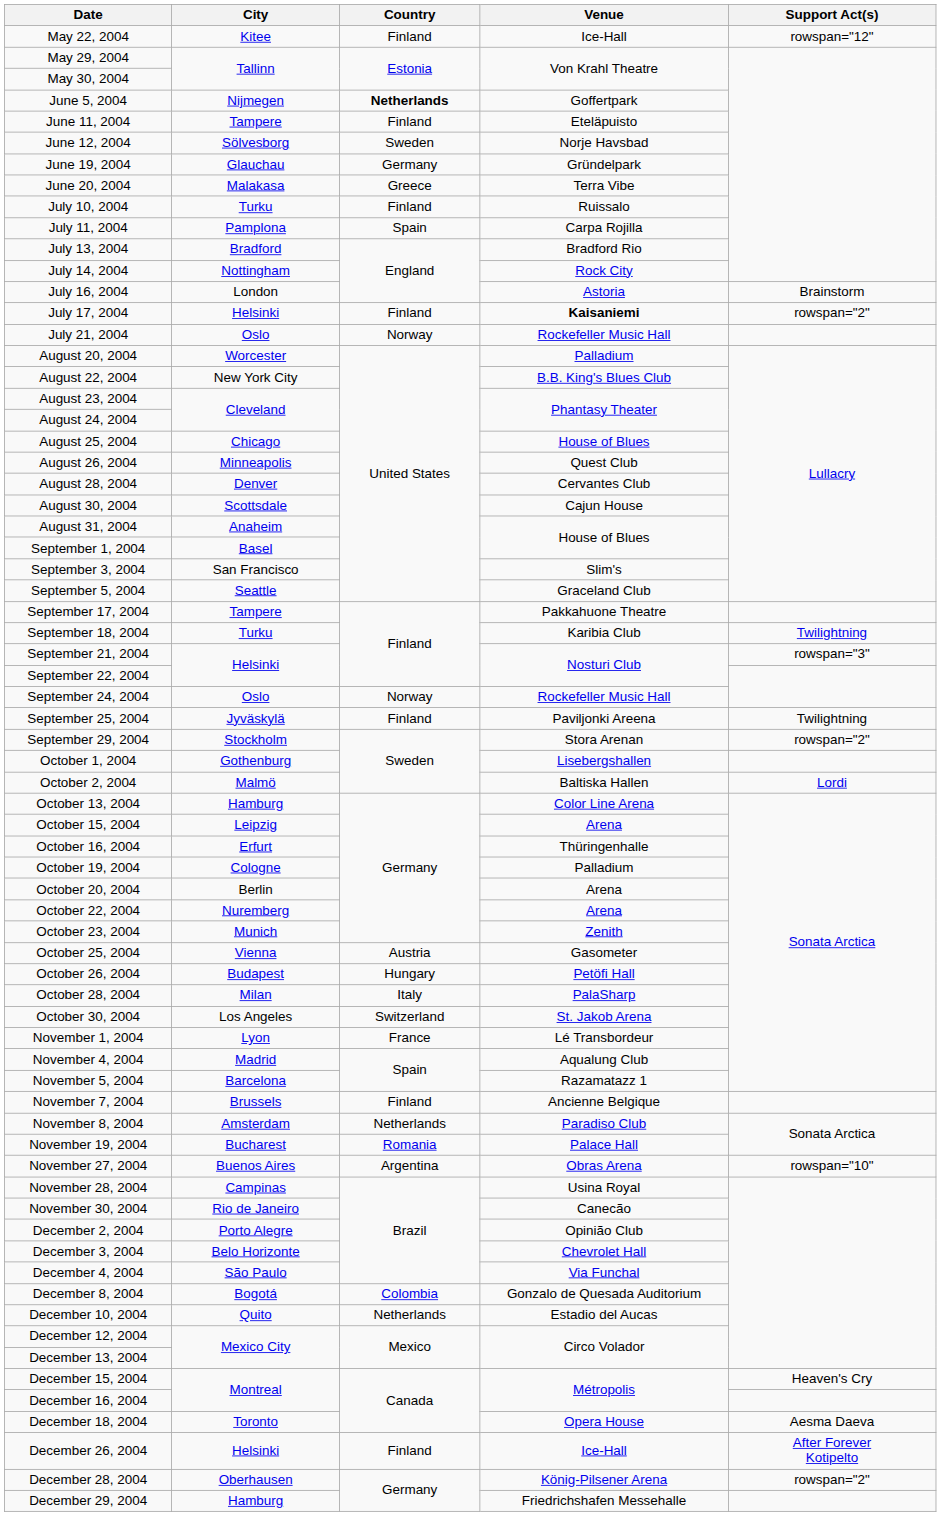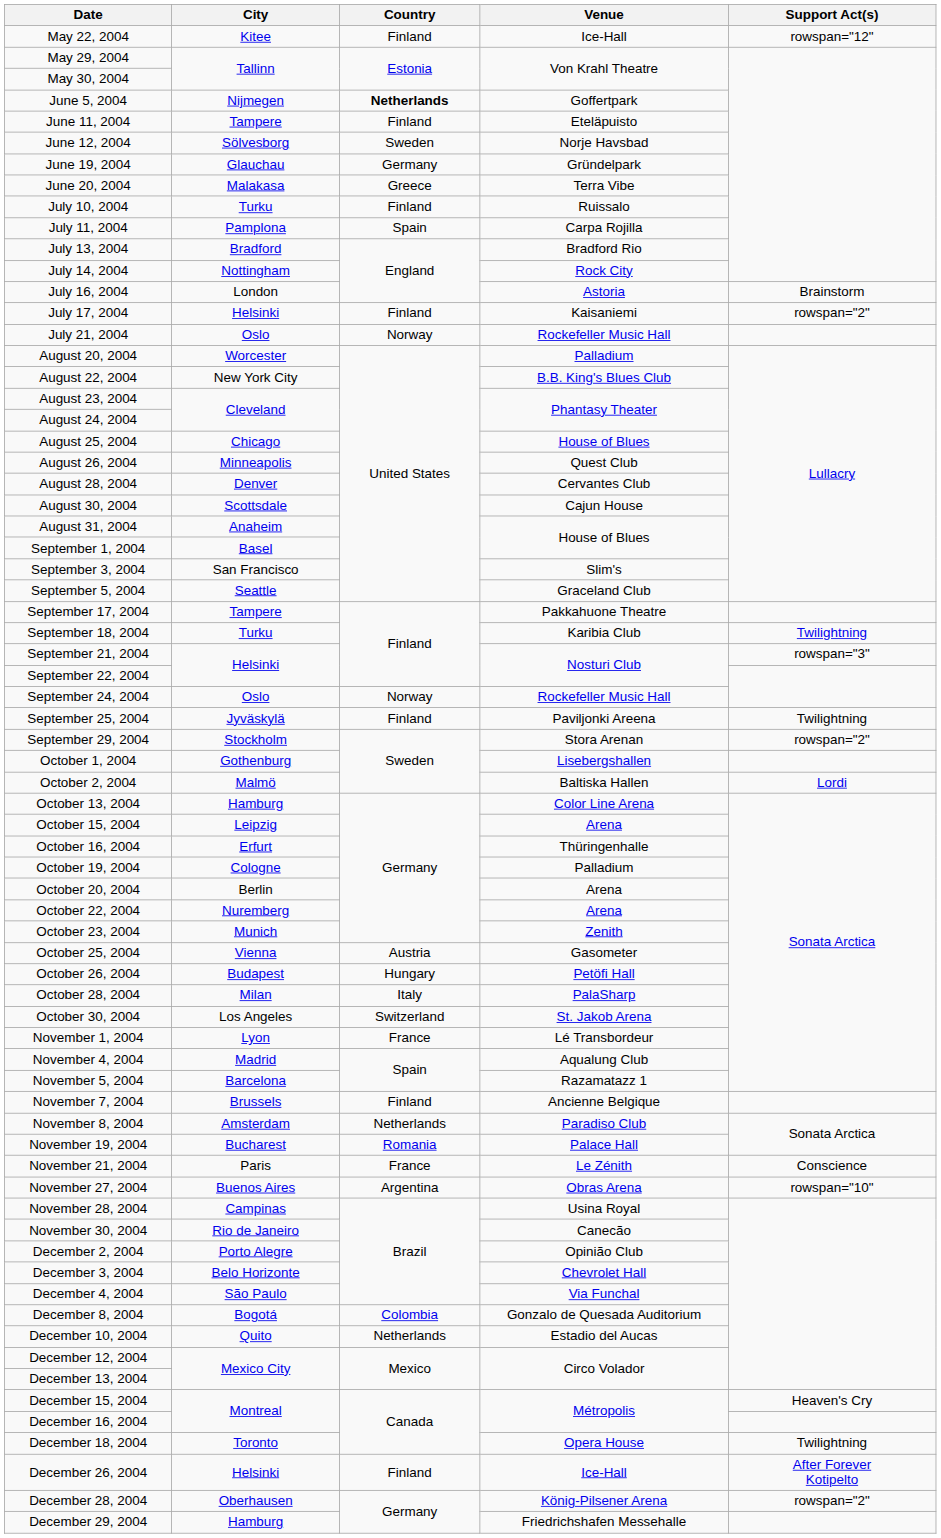 <table class="wikitable plainrowheaders" style="text-align:center;">
 <tr>
 <th scope="col" style="width:12em;">Date</th>
 <th scope="col" style="width:12em;">City</th>
 <th scope="col" style="width:10em;">Country</th>
 <th scope="col" style="width:18em;">Venue</th>
 <th scope="col" style="width:15em;">Support Act(s)</th>
 </tr>
 <tr>
 <td>May 22, 2004</td>
 <td><a href='#'>Kitee</a></td>
 <td>Finland</td>
 <td>Ice-Hall</td>
 <td>rowspan="12" </td>
 </tr>
 <tr>
 <td>May 29, 2004</td>
 <td rowspan="2"><a href='#'>Tallinn</a></td>
 <td rowspan="2"><a href='#'>Estonia</a></td>
 <td rowspan="2">Von Krahl Theatre</td>
 </tr>
 <tr>
 <td>May 30, 2004</td>
 </tr>
 <tr>
 <td>June 5, 2004</td>
 <td><a href='#'>Nijmegen</a></td>
 <td><strong>Netherlands</strong></td>
 <td>Goffertpark</td>
 </tr>
 <tr>
 <td>June 11, 2004</td>
 <td><a href='#'>Tampere</a></td>
 <td>Finland</td>
 <td>Eteläpuisto</td>
 </tr>
 <tr>
 <td>June 12, 2004</td>
 <td><a href='#'>Sölvesborg</a></td>
 <td>Sweden</td>
 <td>Norje Havsbad</td>
 </tr>
 <tr>
 <td>June 19, 2004</td>
 <td><a href='#'>Glauchau</a></td>
 <td>Germany</td>
 <td>Gründelpark</td>
 </tr>
 <tr>
 <td>June 20, 2004</td>
 <td><a href='#'>Malakasa</a></td>
 <td>Greece</td>
 <td>Terra Vibe</td>
 </tr>
 <tr>
 <td>July 10, 2004</td>
 <td><a href='#'>Turku</a></td>
 <td>Finland</td>
 <td>Ruissalo</td>
 </tr>
 <tr>
 <td>July 11, 2004</td>
 <td><a href='#'>Pamplona</a></td>
 <td>Spain</td>
 <td>Carpa Rojilla</td>
 </tr>
 <tr>
 <td>July 13, 2004</td>
 <td><a href='#'>Bradford</a></td>
 <td rowspan="3">England</td>
 <td>Bradford Rio</td>
 </tr>
 <tr>
 <td>July 14, 2004</td>
 <td><a href='#'>Nottingham</a></td>
 <td><a href='#'>Rock City</a></td>
 </tr>
 <tr>
 <td>July 16, 2004</td>
 <td>London</td>
 <td><a href='#'>Astoria</a></td>
 <td>Brainstorm</td>
 </tr>
 <tr>
 <td>July 17, 2004</td>
 <td><a href='#'>Helsinki</a></td>
 <td>Finland</td>
-<td><strong>Kaisaniemi</strong></td>
+<td>Kaisaniemi</td>
 <td>rowspan="2" </td>
 </tr>
 <tr>
 <td>July 21, 2004</td>
 <td><a href='#'>Oslo</a></td>
 <td>Norway</td>
 <td><a href='#'>Rockefeller Music Hall</a></td>
 </tr>
 <tr>
 <td>August 20, 2004</td>
 <td><a href='#'>Worcester</a></td>
 <td rowspan="12">United States</td>
 <td><a href='#'>Palladium</a></td>
 <td rowspan="12"><a href='#'>Lullacry</a></td>
 </tr>
 <tr>
 <td>August 22, 2004</td>
 <td>New York City</td>
 <td><a href='#'>B.B. King's Blues Club</a></td>
 </tr>
 <tr>
 <td>August 23, 2004</td>
 <td rowspan="2"><a href='#'>Cleveland</a></td>
 <td rowspan="2"><a href='#'>Phantasy Theater</a></td>
 </tr>
 <tr>
 <td>August 24, 2004</td>
 </tr>
 <tr>
 <td>August 25, 2004</td>
 <td><a href='#'>Chicago</a></td>
 <td><a href='#'>House of Blues</a></td>
 </tr>
 <tr>
 <td>August 26, 2004</td>
 <td><a href='#'>Minneapolis</a></td>
 <td>Quest Club</td>
 </tr>
 <tr>
 <td>August 28, 2004</td>
 <td><a href='#'>Denver</a></td>
 <td>Cervantes Club</td>
 </tr>
 <tr>
 <td>August 30, 2004</td>
 <td><a href='#'>Scottsdale</a></td>
 <td>Cajun House</td>
 </tr>
 <tr>
 <td>August 31, 2004</td>
 <td><a href='#'>Anaheim</a></td>
 <td rowspan="2">House of Blues</td>
 </tr>
 <tr>
 <td>September 1, 2004</td>
 <td><a href='#'>Basel</a></td>
 </tr>
 <tr>
 <td>September 3, 2004</td>
 <td>San Francisco</td>
 <td>Slim's</td>
 </tr>
 <tr>
 <td>September 5, 2004</td>
 <td><a href='#'>Seattle</a></td>
 <td>Graceland Club</td>
 </tr>
 <tr>
 <td>September 17, 2004</td>
 <td><a href='#'>Tampere</a></td>
 <td rowspan="4">Finland</td>
 <td>Pakkahuone Theatre</td>
 <td></td>
 </tr>
 <tr>
 <td>September 18, 2004</td>
 <td><a href='#'>Turku</a></td>
 <td>Karibia Club</td>
 <td><a href='#'>Twilightning</a></td>
 </tr>
 <tr>
 <td>September 21, 2004</td>
 <td rowspan="2"><a href='#'>Helsinki</a></td>
 <td rowspan="2"><a href='#'>Nosturi Club</a></td>
 <td>rowspan="3" </td>
 </tr>
 <tr>
 <td>September 22, 2004</td>
 </tr>
 <tr>
 <td>September 24, 2004</td>
 <td><a href='#'>Oslo</a></td>
 <td>Norway</td>
 <td><a href='#'>Rockefeller Music Hall</a></td>
 </tr>
 <tr>
 <td>September 25, 2004</td>
 <td><a href='#'>Jyväskylä</a></td>
 <td>Finland</td>
 <td>Paviljonki Areena</td>
 <td>Twilightning</td>
 </tr>
 <tr>
 <td>September 29, 2004</td>
 <td><a href='#'>Stockholm</a></td>
 <td rowspan="3">Sweden</td>
 <td>Stora Arenan</td>
 <td>rowspan="2" </td>
 </tr>
 <tr>
 <td>October 1, 2004</td>
 <td><a href='#'>Gothenburg</a></td>
 <td><a href='#'>Lisebergshallen</a></td>
 </tr>
 <tr>
 <td>October 2, 2004</td>
 <td><a href='#'>Malmö</a></td>
 <td>Baltiska Hallen</td>
 <td><a href='#'>Lordi</a></td>
 </tr>
 <tr>
 <td>October 13, 2004</td>
 <td><a href='#'>Hamburg</a></td>
 <td rowspan="7">Germany</td>
 <td><a href='#'>Color Line Arena</a></td>
 <td rowspan="14"><a href='#'>Sonata Arctica</a></td>
 </tr>
 <tr>
 <td>October 15, 2004</td>
 <td><a href='#'>Leipzig</a></td>
 <td><a href='#'>Arena</a></td>
 </tr>
 <tr>
 <td>October 16, 2004</td>
 <td><a href='#'>Erfurt</a></td>
 <td>Thüringenhalle</td>
 </tr>
 <tr>
 <td>October 19, 2004</td>
 <td><a href='#'>Cologne</a></td>
 <td>Palladium</td>
 </tr>
 <tr>
 <td>October 20, 2004</td>
 <td>Berlin</td>
 <td>Arena</td>
 </tr>
 <tr>
 <td>October 22, 2004</td>
 <td><a href='#'>Nuremberg</a></td>
 <td><a href='#'>Arena</a></td>
 </tr>
 <tr>
 <td>October 23, 2004</td>
 <td><a href='#'>Munich</a></td>
 <td><a href='#'>Zenith</a></td>
 </tr>
 <tr>
 <td>October 25, 2004</td>
 <td><a href='#'>Vienna</a></td>
 <td>Austria</td>
 <td>Gasometer</td>
 </tr>
 <tr>
 <td>October 26, 2004</td>
 <td><a href='#'>Budapest</a></td>
 <td>Hungary</td>
 <td><a href='#'>Petöfi Hall</a></td>
 </tr>
 <tr>
 <td>October 28, 2004</td>
 <td><a href='#'>Milan</a></td>
 <td>Italy</td>
 <td><a href='#'>PalaSharp</a></td>
 </tr>
 <tr>
 <td>October 30, 2004</td>
 <td>Los Angeles</td>
 <td>Switzerland</td>
 <td><a href='#'>St. Jakob Arena</a></td>
 </tr>
 <tr>
 <td>November 1, 2004</td>
 <td><a href='#'>Lyon</a></td>
 <td>France</td>
 <td>Lé Transbordeur</td>
 </tr>
 <tr>
 <td>November 4, 2004</td>
 <td><a href='#'>Madrid</a></td>
 <td rowspan="2">Spain</td>
 <td>Aqualung Club</td>
 </tr>
 <tr>
 <td>November 5, 2004</td>
 <td><a href='#'>Barcelona</a></td>
 <td>Razamatazz 1</td>
 </tr>
 <tr>
 <td>November 7, 2004</td>
 <td><a href='#'>Brussels</a></td>
 <td>Finland</td>
 <td>Ancienne Belgique</td>
 <td></td>
 </tr>
 <tr>
 <td>November 8, 2004</td>
 <td><a href='#'>Amsterdam</a></td>
 <td>Netherlands</td>
 <td><a href='#'>Paradiso Club</a></td>
 <td rowspan="2">Sonata Arctica</td>
 </tr>
 <tr>
 <td>November 19, 2004</td>
 <td><a href='#'>Bucharest</a></td>
 <td><a href='#'>Romania</a></td>
 <td><a href='#'>Palace Hall</a></td>
 </tr>
 <tr>
+<td>November 21, 2004</td>
+<td>Paris</td>
+<td>France</td>
+<td><a href='#'>Le Zénith</a></td>
+<td>Conscience</td>
+</tr>
+<tr>
 <td>November 27, 2004</td>
 <td><a href='#'>Buenos Aires</a></td>
 <td>Argentina</td>
 <td><a href='#'>Obras Arena</a></td>
 <td>rowspan="10" </td>
 </tr>
 <tr>
 <td>November 28, 2004</td>
 <td><a href='#'>Campinas</a></td>
 <td rowspan="5">Brazil</td>
 <td>Usina Royal</td>
 </tr>
 <tr>
 <td>November 30, 2004</td>
 <td><a href='#'>Rio de Janeiro</a></td>
 <td>Canecão</td>
 </tr>
 <tr>
 <td>December 2, 2004</td>
 <td><a href='#'>Porto Alegre</a></td>
 <td>Opinião Club</td>
 </tr>
 <tr>
 <td>December 3, 2004</td>
 <td><a href='#'>Belo Horizonte</a></td>
 <td><a href='#'>Chevrolet Hall</a></td>
 </tr>
 <tr>
 <td>December 4, 2004</td>
 <td><a href='#'>São Paulo</a></td>
 <td><a href='#'>Via Funchal</a></td>
 </tr>
 <tr>
 <td>December 8, 2004</td>
 <td><a href='#'>Bogotá</a></td>
 <td><a href='#'>Colombia</a></td>
 <td>Gonzalo de Quesada Auditorium</td>
 </tr>
 <tr>
 <td>December 10, 2004</td>
 <td><a href='#'>Quito</a></td>
 <td>Netherlands</td>
 <td>Estadio del Aucas</td>
 </tr>
 <tr>
 <td>December 12, 2004</td>
 <td rowspan="2"><a href='#'>Mexico City</a></td>
 <td rowspan="2">Mexico</td>
 <td rowspan="2">Circo Volador</td>
 </tr>
 <tr>
 <td>December 13, 2004</td>
 </tr>
 <tr>
 <td>December 15, 2004</td>
 <td rowspan="2"><a href='#'>Montreal</a></td>
 <td rowspan="3">Canada</td>
 <td rowspan="2"><a href='#'>Métropolis</a></td>
 <td>Heaven's Cry</td>
 </tr>
 <tr>
 <td>December 16, 2004</td>
 <td></td>
 </tr>
 <tr>
 <td>December 18, 2004</td>
 <td><a href='#'>Toronto</a></td>
 <td><a href='#'>Opera House</a></td>
-<td>Aesma Daeva</td>
+<td>Twilightning</td>
 </tr>
 <tr>
 <td>December 26, 2004</td>
 <td><a href='#'>Helsinki</a></td>
 <td>Finland</td>
 <td><a href='#'>Ice-Hall</a></td>
 <td><a href='#'>After Forever</a><br><a href='#'>Kotipelto</a></td>
 </tr>
 <tr>
 <td>December 28, 2004</td>
 <td><a href='#'>Oberhausen</a></td>
 <td rowspan="2">Germany</td>
 <td><a href='#'>König-Pilsener Arena</a></td>
 <td>rowspan="2" </td>
 </tr>
 <tr>
 <td>December 29, 2004</td>
 <td><a href='#'>Hamburg</a></td>
 <td>Friedrichshafen Messehalle</td>
 </tr>
 </table>
